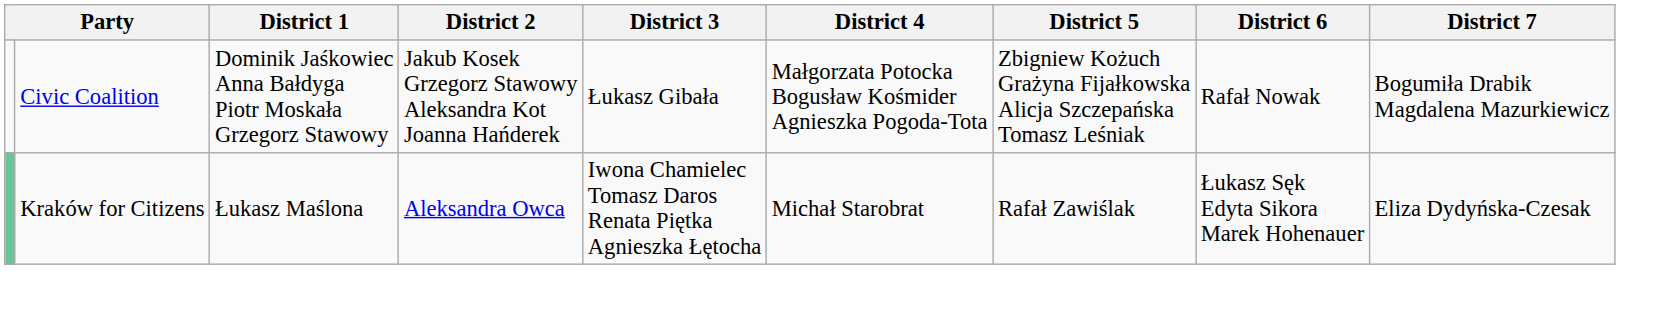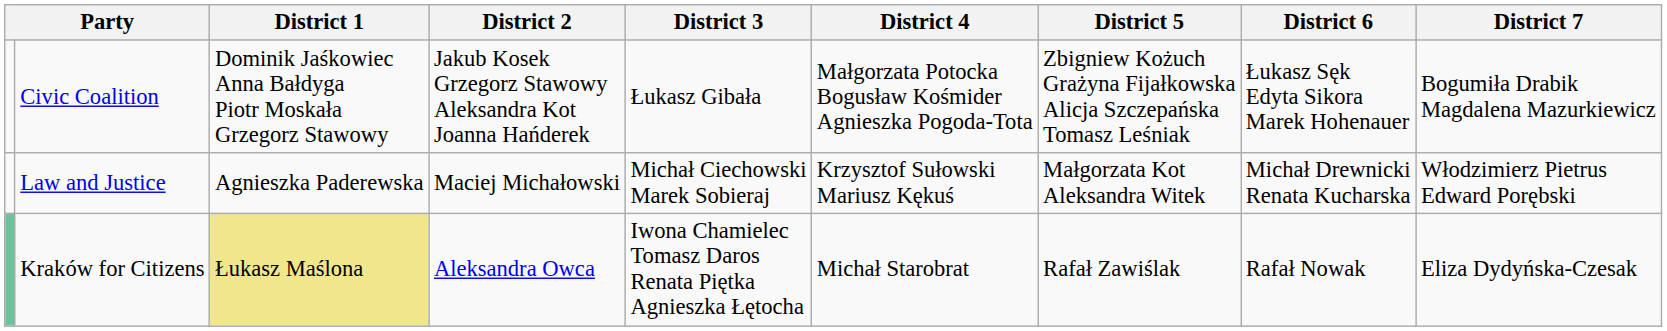 <table class="wikitable">
 <tr>
 <th colspan=2>Party</th>
 <th>District 1</th>
 <th>District 2</th>
 <th>District 3</th>
 <th>District 4</th>
 <th>District 5</th>
 <th>District 6</th>
 <th>District 7</th>
 </tr>
 <tr>
 <td style="background:"></td>
 <td><a href='#'>Civic Coalition</a></td>
 <td>Dominik Jaśkowiec<br>Anna Bałdyga<br>Piotr Moskała<br>Grzegorz Stawowy</td>
 <td>Jakub Kosek<br>Grzegorz Stawowy<br>Aleksandra Kot<br>Joanna Hańderek</td>
 <td>Łukasz Gibała</td>
 <td>Małgorzata Potocka<br>Bogusław Kośmider<br>Agnieszka Pogoda-Tota</td>
 <td>Zbigniew Kożuch<br>Grażyna Fijałkowska<br>Alicja Szczepańska<br>Tomasz Leśniak</td>
-<td>Rafał Nowak</td>
+<td>Łukasz Sęk<br>Edyta Sikora<br>Marek Hohenauer</td>
 <td>Bogumiła Drabik<br>Magdalena Mazurkiewicz</td>
+</tr>
+<tr>
+<td style="background:"></td>
+<td><a href='#'>Law and Justice</a></td>
+<td>Agnieszka Paderewska</td>
+<td>Maciej Michałowski</td>
+<td>Michał Ciechowski<br>Marek Sobieraj</td>
+<td>Krzysztof Sułowski<br>Mariusz Kękuś</td>
+<td>Małgorzata Kot<br>Aleksandra Witek</td>
+<td>Michał Drewnicki<br>Renata Kucharska</td>
+<td>Włodzimierz Pietrus<br>Edward Porębski</td>
 </tr>
 <tr>
 <td style="background:#6AC499"></td>
 <td>Kraków for Citizens</td>
-<td>Łukasz Maślona</td>
+<td style="background: khaki;">Łukasz Maślona</td>
 <td><a href='#'>Aleksandra Owca</a></td>
 <td>Iwona Chamielec<br>Tomasz Daros<br>Renata Piętka<br>Agnieszka Łętocha</td>
 <td>Michał Starobrat</td>
 <td>Rafał Zawiślak</td>
-<td>Łukasz Sęk<br>Edyta Sikora<br>Marek Hohenauer</td>
+<td>Rafał Nowak</td>
 <td>Eliza Dydyńska-Czesak</td>
 </tr>
 </table>
